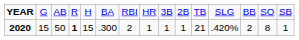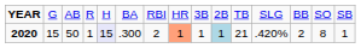 <table class="wikitable">
 <tr align=center>
 <td><strong>YEAR</strong></td>
 <td><a href='#'>G</a></td>
 <td><a href='#'>AB</a></td>
 <td><a href='#'>R</a></td>
 <td><a href='#'>H</a></td>
 <td><a href='#'>BA</a></td>
 <td><a href='#'>RBI</a></td>
 <td><a href='#'>HR</a></td>
 <td><a href='#'>3B</a></td>
 <td><a href='#'>2B</a></td>
 <td><a href='#'>TB</a></td>
 <td><a href='#'>SLG</a></td>
 <td><a href='#'>BB</a></td>
 <td><a href='#'>SO</a></td>
 <td><a href='#'>SB</a></td>
 </tr>
 <tr align=center>
 <td><strong>2020</strong></td>
 <td>15</td>
 <td>50</td>
-<td><strong>1</strong></td>
-<td>15</td>
+<td>1</td>
+<td style="background: lavender;">15</td>
 <td>.300</td>
 <td>2</td>
+<td style="background: lightsalmon;">1</td>
 <td>1</td>
-<td>1</td>
-<td>1</td>
+<td style="background: lightblue;">1</td>
 <td>21</td>
 <td>.420%</td>
 <td>2</td>
 <td>8</td>
 <td>1</td>
 </tr>
 </table>
